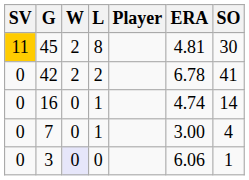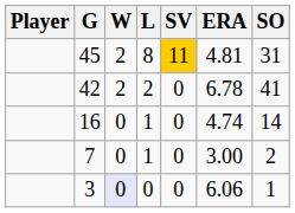 <table class="wikitable sortable">
 <tr>
-<th>SV</th>
+<th>Player</th>
 <th>G</th>
 <th>W</th>
 <th>L</th>
-<th>Player</th>
+<th>SV</th>
 <th>ERA</th>
 <th>SO</th>
 </tr>
 <tr align="center">
-<td style="background:#fc0;">11</td>
+<td></td>
 <td>45</td>
 <td>2</td>
 <td>8</td>
-<td></td>
+<td style="background:#fc0;">11</td>
 <td>4.81</td>
-<td>30</td>
+<td>31</td>
 </tr>
 <tr align="center">
-<td>0</td>
+<td></td>
 <td>42</td>
 <td>2</td>
 <td>2</td>
-<td></td>
+<td>0</td>
 <td>6.78</td>
 <td>41</td>
 </tr>
 <tr align="center">
-<td>0</td>
+<td></td>
 <td>16</td>
 <td>0</td>
 <td>1</td>
-<td></td>
+<td>0</td>
 <td>4.74</td>
 <td>14</td>
 </tr>
 <tr align="center">
-<td>0</td>
+<td></td>
 <td>7</td>
 <td>0</td>
 <td>1</td>
-<td></td>
+<td>0</td>
 <td>3.00</td>
-<td>4</td>
+<td>2</td>
 </tr>
 <tr align="center">
-<td>0</td>
+<td></td>
 <td>3</td>
 <td style="background: lavender;">0</td>
 <td>0</td>
-<td></td>
+<td>0</td>
 <td>6.06</td>
 <td>1</td>
 </tr>
 </table>
